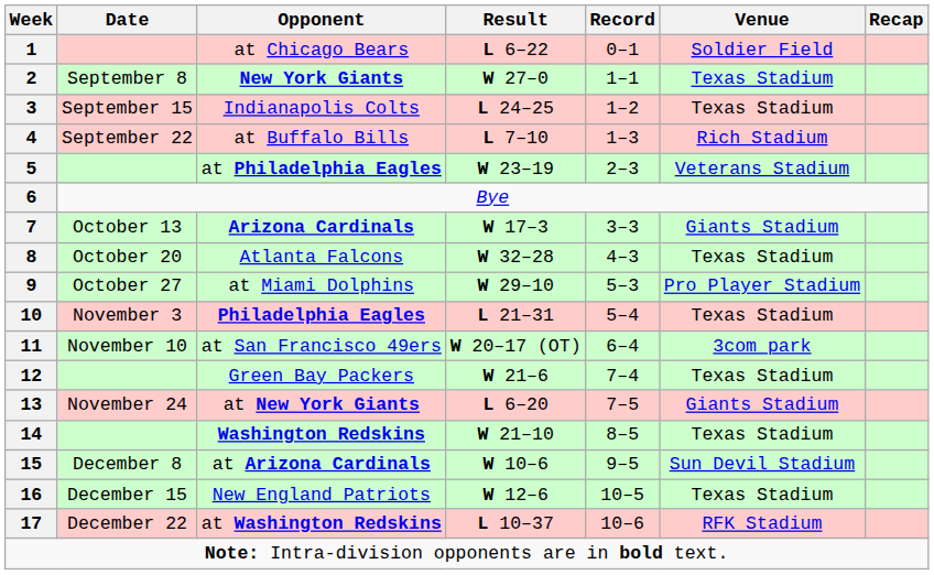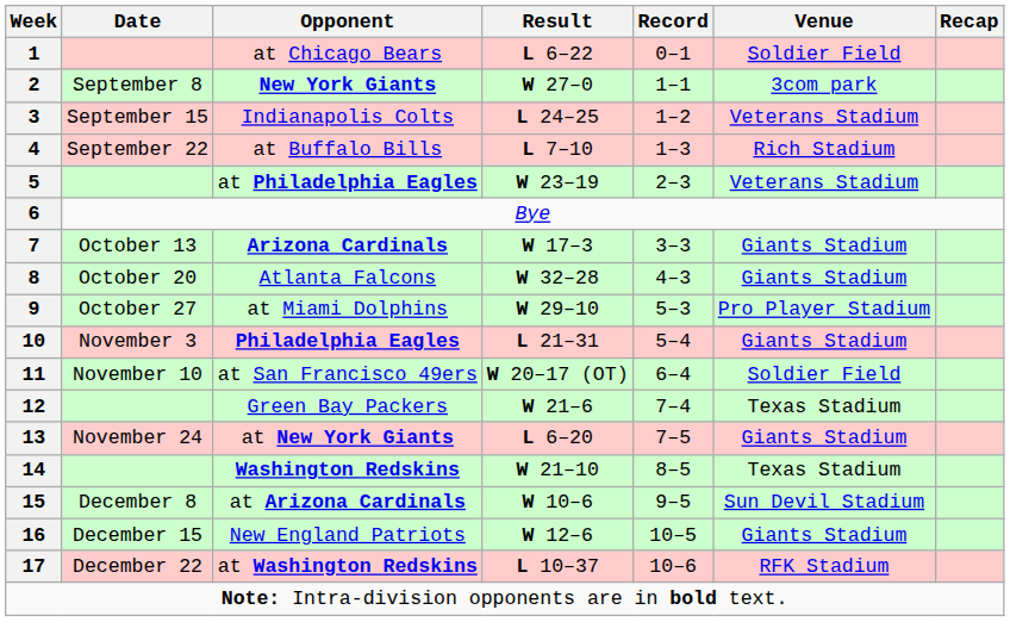 <table class="wikitable" style="text-align:center">
 <tr>
 <th>Week</th>
 <th>Date</th>
 <th>Opponent</th>
 <th>Result</th>
 <th>Record</th>
 <th>Venue</th>
 <th>Recap</th>
 </tr>
 <tr bgcolor="#fcc">
 <th>1</th>
 <td></td>
 <td>at <a href='#'>Chicago Bears</a></td>
 <td><strong>L</strong> 6–22</td>
 <td>0–1</td>
 <td><a href='#'>Soldier Field</a></td>
 <td></td>
 </tr>
 <tr bgcolor="#cfc">
 <th>2</th>
 <td>September 8</td>
 <td><strong><a href='#'>New York Giants</a></strong></td>
 <td><strong>W</strong> 27–0</td>
 <td>1–1</td>
-<td><a href='#'>Texas Stadium</a></td>
+<td><a href='#'>3com park</a></td>
 <td></td>
 </tr>
 <tr bgcolor="#fcc">
 <th>3</th>
 <td>September 15</td>
 <td><a href='#'>Indianapolis Colts</a></td>
 <td><strong>L</strong> 24–25</td>
 <td>1–2</td>
-<td>Texas Stadium</td>
+<td><a href='#'>Veterans Stadium</a></td>
 <td></td>
 </tr>
 <tr bgcolor="#fcc">
 <th>4</th>
 <td>September 22</td>
 <td>at <a href='#'>Buffalo Bills</a></td>
 <td><strong>L</strong> 7–10</td>
 <td>1–3</td>
 <td><a href='#'>Rich Stadium</a></td>
 <td></td>
 </tr>
 <tr bgcolor="#cfc">
 <th>5</th>
 <td></td>
 <td>at <strong><a href='#'>Philadelphia Eagles</a></strong></td>
 <td><strong>W</strong> 23–19</td>
 <td>2–3</td>
 <td><a href='#'>Veterans Stadium</a></td>
 <td></td>
 </tr>
 <tr>
 <th>6</th>
 <td colspan=6><em><a href='#'>Bye</a></em></td>
 </tr>
 <tr bgcolor="#cfc">
 <th>7</th>
 <td>October 13</td>
 <td><strong><a href='#'>Arizona Cardinals</a></strong></td>
 <td><strong>W</strong> 17–3</td>
 <td>3–3</td>
 <td><a href='#'>Giants Stadium</a></td>
 <td></td>
 </tr>
 <tr bgcolor="#cfc">
 <th>8</th>
 <td>October 20</td>
 <td><a href='#'>Atlanta Falcons</a></td>
 <td><strong>W</strong> 32–28</td>
 <td>4–3</td>
-<td>Texas Stadium</td>
+<td><a href='#'>Giants Stadium</a></td>
 <td></td>
 </tr>
 <tr bgcolor="#cfc">
 <th>9</th>
 <td>October 27</td>
 <td>at <a href='#'>Miami Dolphins</a></td>
 <td><strong>W</strong> 29–10</td>
 <td>5–3</td>
 <td><a href='#'>Pro Player Stadium</a></td>
 <td></td>
 </tr>
 <tr bgcolor="#fcc">
 <th>10</th>
 <td>November 3</td>
 <td><strong><a href='#'>Philadelphia Eagles</a></strong></td>
 <td><strong>L</strong>  21–31</td>
 <td>5–4</td>
-<td>Texas Stadium</td>
+<td><a href='#'>Giants Stadium</a></td>
 <td></td>
 </tr>
 <tr bgcolor="#cfc">
 <th>11</th>
 <td>November 10</td>
 <td>at <a href='#'>San Francisco 49ers</a></td>
 <td><strong>W</strong> 20–17 (OT)</td>
 <td>6–4</td>
-<td><a href='#'>3com park</a></td>
+<td><a href='#'>Soldier Field</a></td>
 <td></td>
 </tr>
 <tr bgcolor="#cfc">
 <th>12</th>
 <td></td>
 <td><a href='#'>Green Bay Packers</a></td>
 <td><strong>W</strong> 21–6</td>
 <td>7–4</td>
 <td>Texas Stadium</td>
 <td></td>
 </tr>
 <tr bgcolor="#fcc">
 <th>13</th>
 <td>November 24</td>
 <td>at <strong><a href='#'>New York Giants</a> </strong></td>
 <td><strong>L</strong> 6–20</td>
 <td>7–5</td>
 <td><a href='#'>Giants Stadium</a></td>
 <td></td>
 </tr>
 <tr bgcolor="#cfc">
 <th>14</th>
 <td></td>
 <td><strong><a href='#'>Washington Redskins</a></strong></td>
 <td><strong>W</strong> 21–10</td>
 <td>8–5</td>
 <td>Texas Stadium</td>
 <td></td>
 </tr>
 <tr bgcolor="#cfc">
 <th>15</th>
 <td>December 8</td>
 <td>at <strong><a href='#'>Arizona Cardinals</a></strong></td>
 <td><strong>W</strong> 10–6</td>
 <td>9–5</td>
 <td><a href='#'>Sun Devil Stadium</a></td>
 <td></td>
 </tr>
 <tr bgcolor="#cfc">
 <th>16</th>
 <td>December 15</td>
 <td><a href='#'>New England Patriots</a></td>
 <td><strong>W</strong> 12–6</td>
 <td>10–5</td>
-<td>Texas Stadium</td>
+<td><a href='#'>Giants Stadium</a></td>
 <td></td>
 </tr>
 <tr bgcolor="#fcc">
 <th>17</th>
 <td>December 22</td>
 <td>at <strong><a href='#'>Washington Redskins</a></strong></td>
 <td><strong>L</strong> 10–37</td>
 <td>10–6</td>
 <td><a href='#'>RFK Stadium</a></td>
 <td></td>
 </tr>
 <tr>
 <td colspan="8"><strong>Note:</strong> Intra-division opponents are in <strong>bold</strong> text.</td>
 </tr>
 </table>
